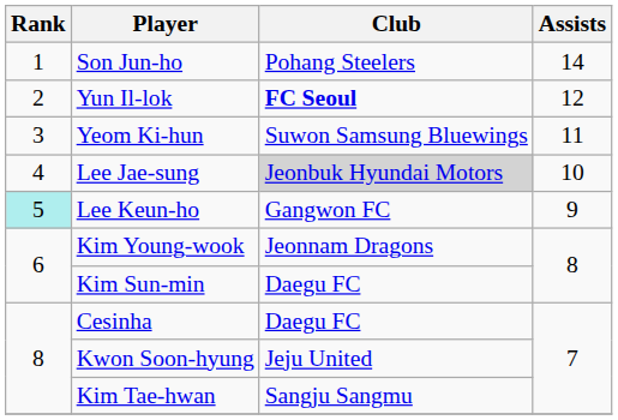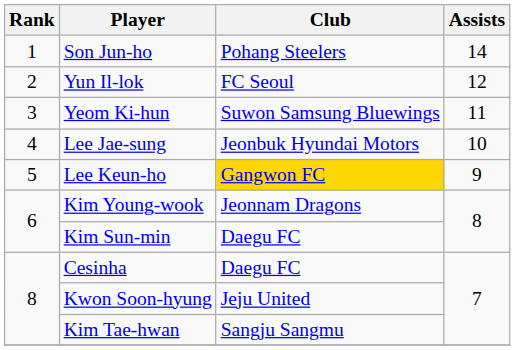 <table class=wikitable>
 <tr>
 <th>Rank</th>
 <th>Player</th>
 <th>Club</th>
 <th>Assists</th>
 </tr>
 <tr>
 <td align="center">1</td>
 <td> <a href='#'>Son Jun-ho</a></td>
 <td><a href='#'>Pohang Steelers</a></td>
 <td align=center>14</td>
 </tr>
 <tr>
 <td align="center">2</td>
 <td> <a href='#'>Yun Il-lok</a></td>
-<td><strong><a href='#'>FC Seoul</a></strong></td>
+<td><a href='#'>FC Seoul</a></td>
 <td align=center>12</td>
 </tr>
 <tr>
 <td align="center">3</td>
 <td> <a href='#'>Yeom Ki-hun</a></td>
 <td><a href='#'>Suwon Samsung Bluewings</a></td>
 <td align=center>11</td>
 </tr>
 <tr>
 <td align="center">4</td>
 <td> <a href='#'>Lee Jae-sung</a></td>
-<td style="background: lightgrey;"><a href='#'>Jeonbuk Hyundai Motors</a></td>
+<td><a href='#'>Jeonbuk Hyundai Motors</a></td>
 <td align=center>10</td>
 </tr>
 <tr>
-<td align="center" style="background: paleturquoise;">5</td>
+<td align="center">5</td>
 <td> <a href='#'>Lee Keun-ho</a></td>
-<td><a href='#'>Gangwon FC</a></td>
+<td style="background: gold;"><a href='#'>Gangwon FC</a></td>
 <td align=center>9</td>
 </tr>
 <tr>
 <td align="center" rowspan=2>6</td>
 <td> <a href='#'>Kim Young-wook</a></td>
 <td><a href='#'>Jeonnam Dragons</a></td>
 <td align=center rowspan=2>8</td>
 </tr>
 <tr>
 <td> <a href='#'>Kim Sun-min</a></td>
 <td><a href='#'>Daegu FC</a></td>
 </tr>
 <tr>
 <td align="center" rowspan=3>8</td>
 <td> <a href='#'>Cesinha</a></td>
 <td><a href='#'>Daegu FC</a></td>
 <td align=center rowspan=3>7</td>
 </tr>
 <tr>
 <td> <a href='#'>Kwon Soon-hyung</a></td>
 <td><a href='#'>Jeju United</a></td>
 </tr>
 <tr>
 <td> <a href='#'>Kim Tae-hwan</a></td>
 <td><a href='#'>Sangju Sangmu</a></td>
 </tr>
 <tr>
 </tr>
 </table>
